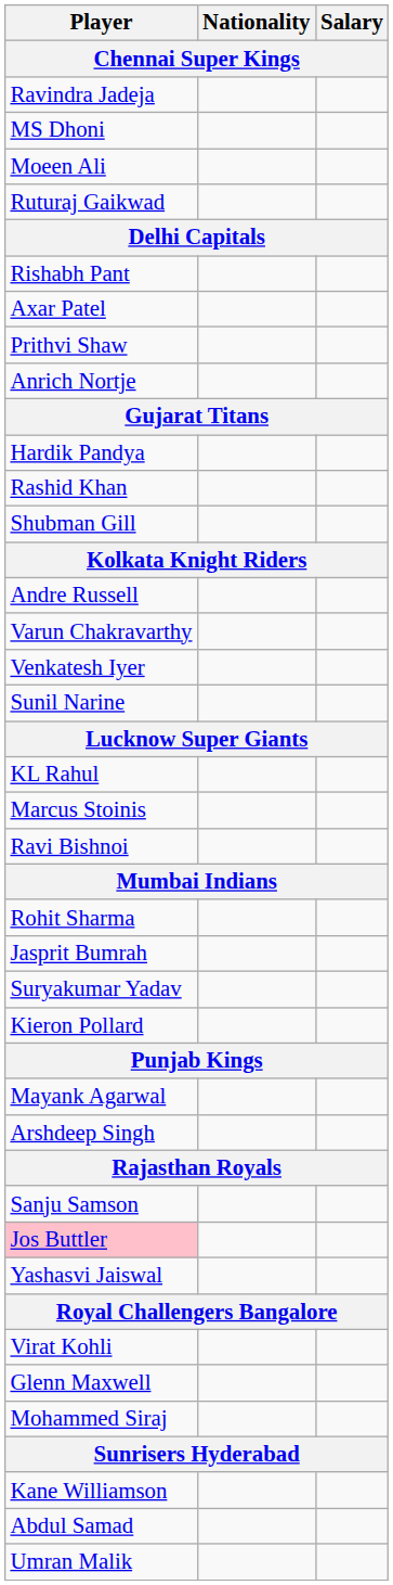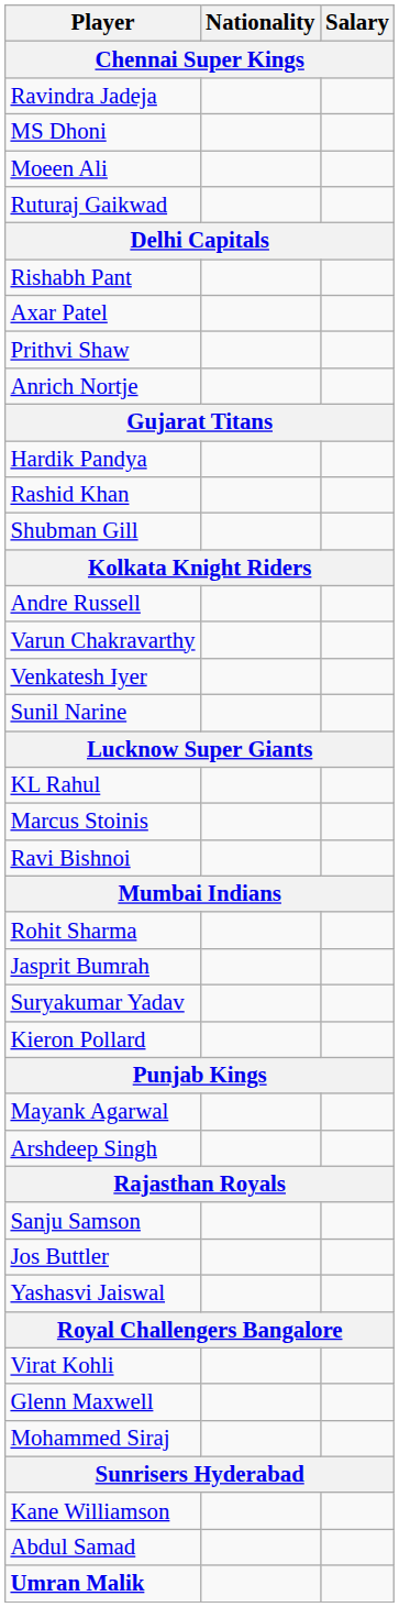 <table class="wikitable collapsible">
 <tr>
 <th style="text-align:center;">Player</th>
 <th style="text-align:center;">Nationality</th>
 <th style="text-align:center;">Salary</th>
 </tr>
 <tr>
 <th colspan="5"><strong><a href='#'>Chennai Super Kings</a></strong></th>
 </tr>
 <tr>
 <td><a href='#'>Ravindra Jadeja</a></td>
 <td></td>
 <td></td>
 </tr>
 <tr>
 <td><a href='#'>MS Dhoni</a></td>
 <td></td>
 <td></td>
 </tr>
 <tr>
 <td><a href='#'>Moeen Ali</a></td>
 <td></td>
 <td></td>
 </tr>
 <tr>
 <td><a href='#'>Ruturaj Gaikwad</a></td>
 <td></td>
 <td></td>
 </tr>
 <tr>
 <th colspan="5"><strong><a href='#'>Delhi Capitals</a></strong></th>
 </tr>
 <tr>
 <td><a href='#'>Rishabh Pant</a></td>
 <td></td>
 <td></td>
 </tr>
 <tr>
 <td><a href='#'>Axar Patel</a></td>
 <td></td>
 <td></td>
 </tr>
 <tr>
 <td><a href='#'>Prithvi Shaw</a></td>
 <td></td>
 <td></td>
 </tr>
 <tr>
 <td><a href='#'>Anrich Nortje</a></td>
 <td></td>
 <td></td>
 </tr>
 <tr>
 <th colspan="5"><a href='#'>Gujarat Titans</a></th>
 </tr>
 <tr>
 <td><a href='#'>Hardik Pandya</a></td>
 <td></td>
 <td></td>
 </tr>
 <tr>
 <td><a href='#'>Rashid Khan</a></td>
 <td></td>
 <td></td>
 </tr>
 <tr>
 <td><a href='#'>Shubman Gill</a></td>
 <td></td>
 <td></td>
 </tr>
 <tr>
 <th colspan="5"><strong><a href='#'>Kolkata Knight Riders</a></strong></th>
 </tr>
 <tr>
 <td><a href='#'>Andre Russell</a></td>
 <td></td>
 <td></td>
 </tr>
 <tr>
 <td><a href='#'>Varun Chakravarthy</a></td>
 <td></td>
 <td></td>
 </tr>
 <tr>
 <td><a href='#'>Venkatesh Iyer</a></td>
 <td></td>
 <td></td>
 </tr>
 <tr>
 <td><a href='#'>Sunil Narine</a></td>
 <td></td>
 <td></td>
 </tr>
 <tr>
 <th colspan="5"><strong><a href='#'>Lucknow Super Giants</a></strong></th>
 </tr>
 <tr>
 <td><a href='#'>KL Rahul</a></td>
 <td></td>
 <td></td>
 </tr>
 <tr>
 <td><a href='#'>Marcus Stoinis</a></td>
 <td></td>
 <td></td>
 </tr>
 <tr>
 <td><a href='#'>Ravi Bishnoi</a></td>
 <td></td>
 <td></td>
 </tr>
 <tr>
 <th colspan="5"><strong><a href='#'>Mumbai Indians</a></strong></th>
 </tr>
 <tr>
 <td><a href='#'>Rohit Sharma</a></td>
 <td></td>
 <td></td>
 </tr>
 <tr>
 <td><a href='#'>Jasprit Bumrah</a></td>
 <td></td>
 <td></td>
 </tr>
 <tr>
 <td><a href='#'>Suryakumar Yadav</a></td>
 <td></td>
 <td></td>
 </tr>
 <tr>
 <td><a href='#'>Kieron Pollard</a></td>
 <td></td>
 <td></td>
 </tr>
 <tr>
 <th colspan="5"><strong><a href='#'>Punjab Kings</a></strong></th>
 </tr>
 <tr>
 <td><a href='#'>Mayank Agarwal</a></td>
 <td></td>
 <td></td>
 </tr>
 <tr>
 <td><a href='#'>Arshdeep Singh</a></td>
 <td></td>
 <td></td>
 </tr>
 <tr>
 <th colspan="5"><strong><a href='#'>Rajasthan Royals</a></strong></th>
 </tr>
 <tr>
 <td><a href='#'>Sanju Samson</a></td>
 <td></td>
 <td></td>
 </tr>
 <tr>
-<td style="background: pink;"><a href='#'>Jos Buttler</a></td>
+<td><a href='#'>Jos Buttler</a></td>
 <td></td>
 <td></td>
 </tr>
 <tr>
 <td><a href='#'>Yashasvi Jaiswal</a></td>
 <td></td>
 <td></td>
 </tr>
 <tr>
 <th colspan="5"><strong><a href='#'>Royal Challengers Bangalore</a></strong></th>
 </tr>
 <tr>
 <td><a href='#'>Virat Kohli</a></td>
 <td></td>
 <td></td>
 </tr>
 <tr>
 <td><a href='#'>Glenn Maxwell</a></td>
 <td></td>
 <td></td>
 </tr>
 <tr>
 <td><a href='#'>Mohammed Siraj</a></td>
 <td></td>
 <td></td>
 </tr>
 <tr>
 <th colspan="5"><strong><a href='#'>Sunrisers Hyderabad</a></strong></th>
 </tr>
 <tr>
 <td><a href='#'>Kane Williamson</a></td>
 <td></td>
 <td></td>
 </tr>
 <tr>
 <td><a href='#'>Abdul Samad</a></td>
 <td></td>
 <td></td>
 </tr>
 <tr>
-<td><a href='#'>Umran Malik</a></td>
+<td><strong><a href='#'>Umran Malik</a></strong></td>
 <td></td>
 <td></td>
 </tr>
 <tr>
 </tr>
 </table>
